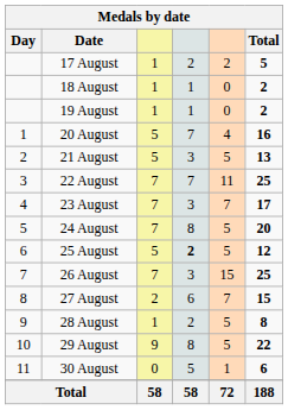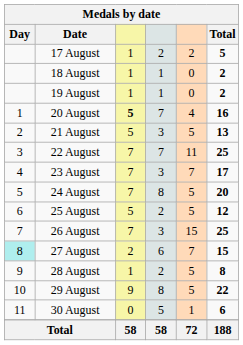 <table class="wikitable sortable" style="font-size:90%; text-align:center;">
 <tr style="background:#efefef;">
 <th colspan=6>Medals by date</th>
 </tr>
 <tr>
 <th width=30>Day</th>
 <th width=90>Date</th>
 <th width=30 style="background:#F7F6A8;"></th>
 <th width=30 style="background:#DCE5E5;"></th>
 <th width=30 style="background:#FFDAB9;"></th>
 <th width=30>Total</th>
 </tr>
 <tr>
 <td></td>
 <td>17 August</td>
 <td style="background:#F7F6A8;">1</td>
 <td style="background:#DCE5E5;">2</td>
 <td style="background:#FFDAB9;">2</td>
 <td><strong>5</strong></td>
 </tr>
 <tr>
 <td></td>
 <td>18 August</td>
 <td style="background:#F7F6A8;">1</td>
 <td style="background:#DCE5E5;">1</td>
 <td style="background:#FFDAB9;">0</td>
 <td><strong>2</strong></td>
 </tr>
 <tr>
 <td></td>
 <td>19 August</td>
 <td style="background:#F7F6A8;">1</td>
 <td style="background:#DCE5E5;">1</td>
 <td style="background:#FFDAB9;">0</td>
 <td><strong>2</strong></td>
 </tr>
 <tr>
 <td>1</td>
 <td>20 August</td>
-<td style="background:#F7F6A8;">5</td>
+<td style="background:#F7F6A8;"><strong>5</strong></td>
 <td style="background:#DCE5E5;">7</td>
 <td style="background:#FFDAB9;">4</td>
 <td><strong>16</strong></td>
 </tr>
 <tr>
 <td>2</td>
 <td>21 August</td>
 <td style="background:#F7F6A8;">5</td>
 <td style="background:#DCE5E5;">3</td>
 <td style="background:#FFDAB9;">5</td>
 <td><strong>13</strong></td>
 </tr>
 <tr>
 <td>3</td>
 <td>22 August</td>
 <td style="background:#F7F6A8;">7</td>
 <td style="background:#DCE5E5;">7</td>
 <td style="background:#FFDAB9;">11</td>
 <td><strong>25</strong></td>
 </tr>
 <tr>
 <td>4</td>
 <td>23 August</td>
 <td style="background:#F7F6A8;">7</td>
 <td style="background:#DCE5E5;">3</td>
 <td style="background:#FFDAB9;">7</td>
 <td><strong>17</strong></td>
 </tr>
 <tr>
 <td>5</td>
 <td>24 August</td>
 <td style="background:#F7F6A8;">7</td>
 <td style="background:#DCE5E5;">8</td>
 <td style="background:#FFDAB9;">5</td>
 <td><strong>20</strong></td>
 </tr>
 <tr>
 <td>6</td>
 <td>25 August</td>
 <td style="background:#F7F6A8;">5</td>
-<td style="background:#DCE5E5;"><strong>2</strong></td>
+<td style="background:#DCE5E5;">2</td>
 <td style="background:#FFDAB9;">5</td>
 <td><strong>12</strong></td>
 </tr>
 <tr>
 <td>7</td>
 <td>26 August</td>
 <td style="background:#F7F6A8;">7</td>
 <td style="background:#DCE5E5;">3</td>
 <td style="background:#FFDAB9;">15</td>
 <td><strong>25</strong></td>
 </tr>
 <tr>
-<td>8</td>
+<td style="background: paleturquoise;">8</td>
 <td>27 August</td>
 <td style="background:#F7F6A8;">2</td>
 <td style="background:#DCE5E5;">6</td>
 <td style="background:#FFDAB9;">7</td>
 <td><strong>15</strong></td>
 </tr>
 <tr>
 <td>9</td>
 <td>28 August</td>
 <td style="background:#F7F6A8;">1</td>
 <td style="background:#DCE5E5;">2</td>
 <td style="background:#FFDAB9;">5</td>
 <td><strong>8</strong></td>
 </tr>
 <tr>
 <td>10</td>
 <td>29 August</td>
 <td style="background:#F7F6A8;">9</td>
 <td style="background:#DCE5E5;">8</td>
 <td style="background:#FFDAB9;">5</td>
 <td><strong>22</strong></td>
 </tr>
 <tr>
 <td>11</td>
 <td>30 August</td>
 <td style="background:#F7F6A8;">0</td>
 <td style="background:#DCE5E5;">5</td>
 <td style="background:#FFDAB9;">1</td>
 <td><strong>6</strong></td>
 </tr>
 <tr>
 </tr>
 <tr class="sortbottom">
 <th colspan="2">Total</th>
 <th>58</th>
 <th>58</th>
 <th>72</th>
 <th>188</th>
 </tr>
 </table>
